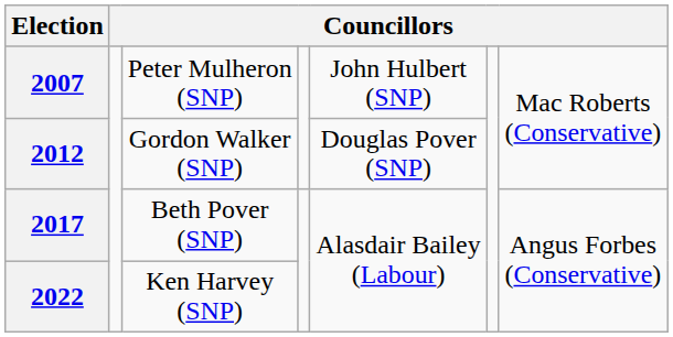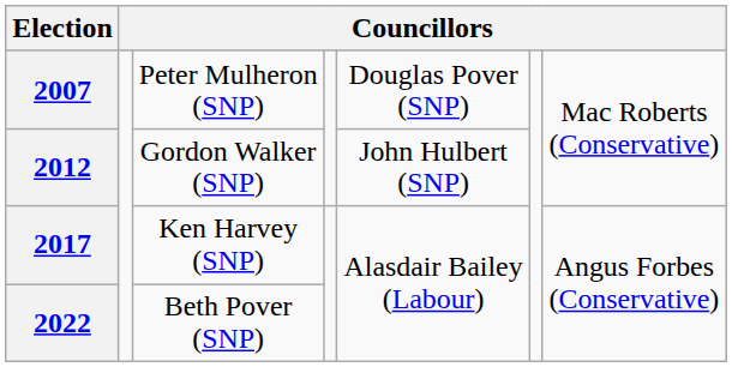 <table class="wikitable" style="text-align:center">
 <tr>
 <th>Election</th>
 <th colspan=8>Councillors</th>
 </tr>
 <tr>
 <th><a href='#'>2007</a></th>
 <td rowspan=4; style="background-color: "></td>
 <td>Peter Mulheron<br>(<a href='#'>SNP</a>)</td>
 <td rowspan=2; style="background-color: "></td>
-<td>John Hulbert<br>(<a href='#'>SNP</a>)</td>
+<td>Douglas Pover<br>(<a href='#'>SNP</a>)</td>
 <td rowspan=4; style="background-color: "></td>
 <td rowspan=2>Mac Roberts<br>(<a href='#'>Conservative</a>)</td>
 </tr>
 <tr>
 <th><a href='#'>2012</a></th>
 <td>Gordon Walker<br>(<a href='#'>SNP</a>)</td>
-<td>Douglas Pover<br>(<a href='#'>SNP</a>)</td>
+<td>John Hulbert<br>(<a href='#'>SNP</a>)</td>
 </tr>
 <tr>
 <th><a href='#'>2017</a></th>
-<td>Beth Pover<br>(<a href='#'>SNP</a>)</td>
+<td>Ken Harvey<br>(<a href='#'>SNP</a>)</td>
 <td rowspan=2; style="background-color: "></td>
 <td rowspan=2>Alasdair Bailey<br>(<a href='#'>Labour</a>)</td>
 <td rowspan=2>Angus Forbes<br>(<a href='#'>Conservative</a>)</td>
 </tr>
 <tr>
 <th><a href='#'>2022</a></th>
-<td>Ken Harvey<br>(<a href='#'>SNP</a>)</td>
+<td>Beth Pover<br>(<a href='#'>SNP</a>)</td>
 </tr>
 </table>
